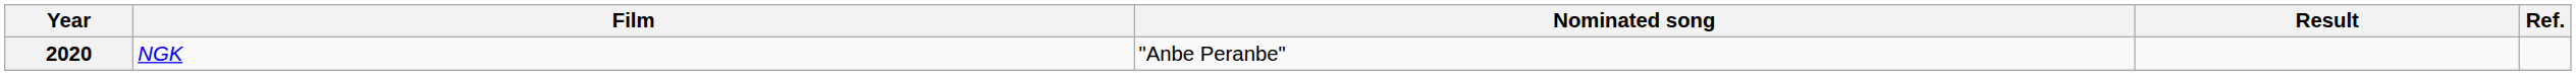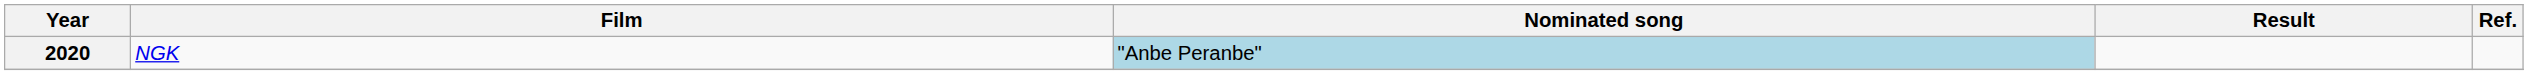 <table class="wikitable plainrowheaders" width="100%" textcolor:#000;">
 <tr>
 <th scope="col" width=5%><strong>Year</strong></th>
 <th scope="col" width=39%><strong>Film</strong></th>
 <th scope="col" width=39%><strong>Nominated song</strong></th>
 <th scope="col" width=15%><strong>Result</strong></th>
 <th scope="col" width=2%><strong>Ref.</strong></th>
 </tr>
 <tr>
 <th scope="row">2020</th>
 <td><em><a href='#'>NGK</a></em></td>
-<td>"Anbe Peranbe"</td>
+<td style="background: lightblue;">"Anbe Peranbe"</td>
 <td></td>
 <td></td>
 </tr>
 <tr>
 </tr>
 </table>
